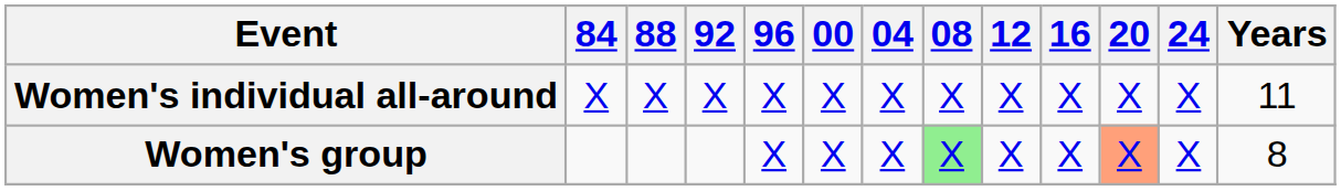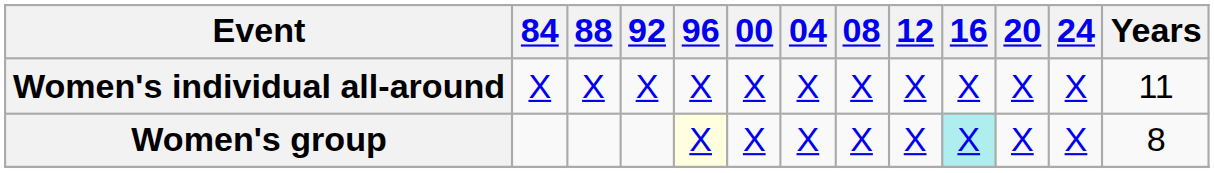 <table class="wikitable plainrowheaders sticky-header" style="text-align:center;">
 <tr>
 <th scope="col">Event</th>
 <th scope="col"><a href='#'>84</a></th>
 <th scope="col"><a href='#'>88</a></th>
 <th scope="col"><a href='#'>92</a></th>
 <th scope="col"><a href='#'>96</a></th>
 <th scope="col"><a href='#'>00</a></th>
 <th scope="col"><a href='#'>04</a></th>
 <th scope="col"><a href='#'>08</a></th>
 <th scope="col"><a href='#'>12</a></th>
 <th scope="col"><a href='#'>16</a></th>
 <th scope="col"><a href='#'>20</a></th>
 <th scope="col"><a href='#'>24</a></th>
 <th scope="col">Years</th>
 </tr>
 <tr>
 <th scope="row">Women's individual all-around</th>
 <td><a href='#'>X</a></td>
 <td><a href='#'>X</a></td>
 <td><a href='#'>X</a></td>
 <td><a href='#'>X</a></td>
 <td><a href='#'>X</a></td>
 <td><a href='#'>X</a></td>
 <td><a href='#'>X</a></td>
 <td><a href='#'>X</a></td>
 <td><a href='#'>X</a></td>
 <td><a href='#'>X</a></td>
 <td><a href='#'>X</a></td>
 <td>11</td>
 </tr>
 <tr>
 <th scope="row">Women's group</th>
 <td></td>
 <td></td>
 <td></td>
+<td style="background: lightyellow;"><a href='#'>X</a></td>
 <td><a href='#'>X</a></td>
 <td><a href='#'>X</a></td>
 <td><a href='#'>X</a></td>
-<td style="background: lightgreen;"><a href='#'>X</a></td>
 <td><a href='#'>X</a></td>
+<td style="background: paleturquoise;"><a href='#'>X</a></td>
 <td><a href='#'>X</a></td>
-<td style="background: lightsalmon;"><a href='#'>X</a></td>
 <td><a href='#'>X</a></td>
 <td>8</td>
 </tr>
 <tr>
 </tr>
 </table>
